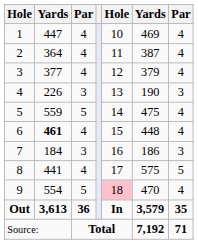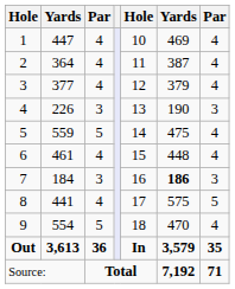 <table class="wikitable" style="text-align:center; font-size:100%">
 <tr>
 <th>Hole</th>
 <th>Yards</th>
 <th>Par</th>
 <th></th>
 <th>Hole</th>
 <th>Yards</th>
 <th>Par</th>
 </tr>
 <tr>
 <td>1</td>
 <td>447</td>
 <td>4</td>
 <td rowspan=10 style="background:#E6E8FA;"></td>
 <td>10</td>
 <td>469</td>
 <td>4</td>
 </tr>
 <tr>
 <td>2</td>
 <td>364</td>
 <td>4</td>
 <td>11</td>
 <td>387</td>
 <td>4</td>
 </tr>
 <tr>
 <td>3</td>
 <td>377</td>
 <td>4</td>
 <td>12</td>
 <td>379</td>
 <td>4</td>
 </tr>
 <tr>
 <td>4</td>
 <td>226</td>
 <td>3</td>
 <td>13</td>
 <td>190</td>
 <td>3</td>
 </tr>
 <tr>
 <td>5</td>
 <td>559</td>
 <td>5</td>
 <td>14</td>
 <td>475</td>
 <td>4</td>
 </tr>
 <tr>
 <td>6</td>
-<td><strong>461</strong></td>
+<td>461</td>
 <td>4</td>
 <td>15</td>
 <td>448</td>
 <td>4</td>
 </tr>
 <tr>
 <td>7</td>
 <td>184</td>
 <td>3</td>
 <td>16</td>
-<td>186</td>
+<td><strong>186</strong></td>
 <td>3</td>
 </tr>
 <tr>
 <td>8</td>
 <td>441</td>
 <td>4</td>
 <td>17</td>
 <td>575</td>
 <td>5</td>
 </tr>
 <tr>
 <td>9</td>
 <td>554</td>
 <td>5</td>
-<td style="background: pink;">18</td>
+<td>18</td>
 <td>470</td>
 <td>4</td>
 </tr>
 <tr>
 <td><strong>Out</strong></td>
 <td><strong>3,613</strong></td>
 <td><strong>36</strong></td>
 <td><strong>In</strong></td>
 <td><strong>3,579</strong></td>
 <td><strong>35</strong></td>
 </tr>
 <tr>
 <td colspan=2 align=left><small>Source:</small></td>
 <td colspan=3><strong>Total</strong></td>
 <td><strong>7,192</strong></td>
 <td><strong>71</strong></td>
 </tr>
 </table>
